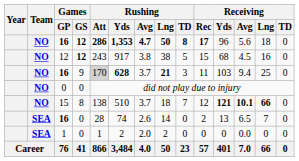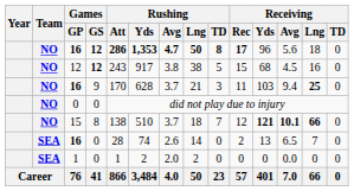 <table class=wikitable style="text-align:center">
 <tr>
 <th rowspan="2">Year</th>
 <th rowspan="2">Team</th>
 <th colspan="2">Games</th>
 <th colspan="5">Rushing</th>
 <th colspan="5">Receiving</th>
 </tr>
 <tr>
 <th>GP</th>
 <th>GS</th>
 <th>Att</th>
 <th>Yds</th>
 <th>Avg</th>
 <th>Lng</th>
 <th>TD</th>
 <th>Rec</th>
 <th>Yds</th>
 <th>Avg</th>
 <th>Lng</th>
 <th>TD</th>
 </tr>
 <tr>
 <th></th>
 <th><a href='#'>NO</a></th>
 <td><strong>16</strong></td>
 <td><strong>12</strong></td>
 <td><strong>286</strong></td>
 <td><strong>1,353</strong></td>
 <td><strong>4.7</strong></td>
 <td><strong>50</strong></td>
 <td><strong>8</strong></td>
 <td><strong>17</strong></td>
 <td>96</td>
 <td>5.6</td>
 <td>18</td>
 <td>0</td>
 </tr>
 <tr>
 <th></th>
 <th><a href='#'>NO</a></th>
 <td>12</td>
 <td><strong>12</strong></td>
 <td>243</td>
 <td>917</td>
 <td>3.8</td>
 <td>38</td>
 <td>5</td>
 <td>15</td>
 <td>68</td>
 <td>4.5</td>
 <td>16</td>
 <td>0</td>
 </tr>
 <tr>
 <th></th>
 <th><a href='#'>NO</a></th>
 <td><strong>16</strong></td>
 <td>9</td>
-<td style="background: lightgrey;">170</td>
-<td><strong>628</strong></td>
+<td>170</td>
+<td>628</td>
 <td>3.7</td>
-<td><strong>21</strong></td>
+<td>21</td>
 <td>3</td>
 <td>11</td>
 <td>103</td>
 <td>9.4</td>
-<td>25</td>
+<td><strong>25</strong></td>
 <td>0</td>
 </tr>
 <tr>
 <th></th>
 <th><a href='#'>NO</a></th>
 <td>0</td>
 <td>0</td>
 <td colspan="10"><em>did not play due to injury</em></td>
 </tr>
 <tr>
 <th></th>
 <th><a href='#'>NO</a></th>
 <td>15</td>
 <td>8</td>
 <td>138</td>
 <td>510</td>
 <td>3.7</td>
 <td>18</td>
 <td>7</td>
 <td>12</td>
 <td><strong>121</strong></td>
 <td><strong>10.1</strong></td>
 <td><strong>66</strong></td>
 <td>0</td>
 </tr>
 <tr>
 <th></th>
 <th><a href='#'>SEA</a></th>
 <td><strong>16</strong></td>
 <td>0</td>
 <td>28</td>
 <td>74</td>
 <td>2.6</td>
 <td>14</td>
 <td>0</td>
 <td>2</td>
 <td>13</td>
 <td>6.5</td>
 <td>7</td>
 <td>0</td>
 </tr>
 <tr>
 <th></th>
 <th><a href='#'>SEA</a></th>
 <td>1</td>
 <td>0</td>
 <td>1</td>
 <td>2</td>
 <td>2.0</td>
 <td>2</td>
 <td>0</td>
 <td>0</td>
 <td>0</td>
 <td>0.0</td>
 <td>0</td>
 <td>0</td>
 </tr>
 <tr>
 <th colspan="2">Career</th>
 <th>76</th>
 <th>41</th>
 <th>866</th>
 <th>3,484</th>
 <th>4.0</th>
 <th>50</th>
 <th>23</th>
 <th>57</th>
 <th>401</th>
 <th>7.0</th>
 <th>66</th>
 <th>0</th>
 </tr>
 </table>
